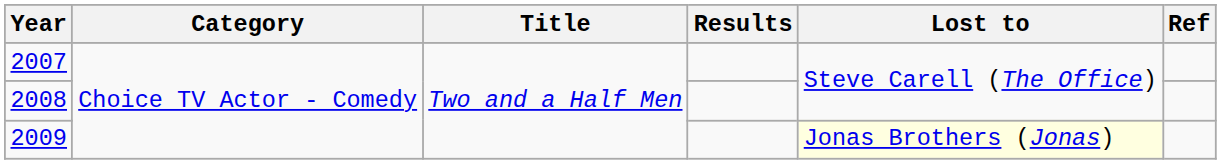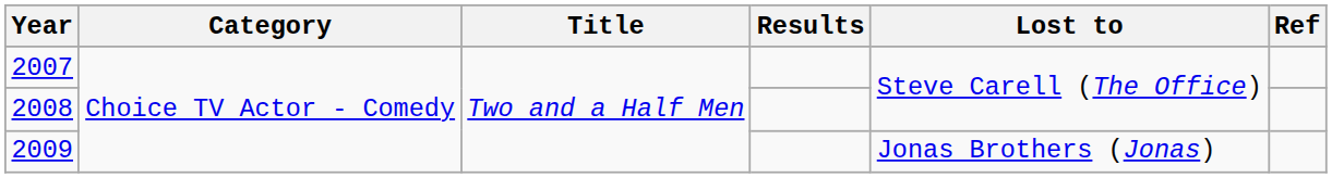 <table class="wikitable">
 <tr>
 <th>Year</th>
 <th>Category</th>
 <th>Title</th>
 <th>Results</th>
 <th>Lost to</th>
 <th>Ref</th>
 </tr>
 <tr>
 <td><a href='#'>2007</a></td>
 <td rowspan="3"><a href='#'>Choice TV Actor - Comedy</a></td>
 <td rowspan="3"><em><a href='#'>Two and a Half Men</a></em></td>
 <td></td>
 <td rowspan="2"><a href='#'>Steve Carell</a> (<em><a href='#'>The Office</a></em>)</td>
 <td></td>
 </tr>
 <tr>
 <td><a href='#'>2008</a></td>
 <td></td>
 <td></td>
 </tr>
 <tr>
 <td><a href='#'>2009</a></td>
 <td></td>
-<td style="background: lightyellow;"><a href='#'>Jonas Brothers</a> (<em><a href='#'>Jonas</a></em>)</td>
+<td><a href='#'>Jonas Brothers</a> (<em><a href='#'>Jonas</a></em>)</td>
 <td></td>
 </tr>
 </table>
